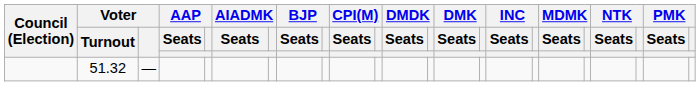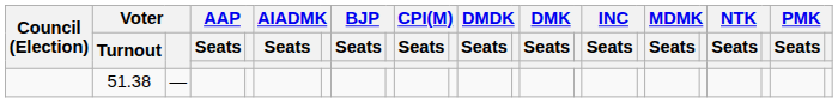 <table class="wikitable sortable" style="text-align:center">
 <tr>
 <th rowspan="3">Council<br>(Election)</th>
 <th colspan="2">Voter</th>
 <th colspan="2"><a href='#'>AAP</a></th>
 <th colspan="2"><a href='#'>AIADMK</a></th>
 <th colspan="2"><a href='#'>BJP</a></th>
 <th colspan="2"><a href='#'>CPI(M)</a></th>
 <th colspan="2"><a href='#'>DMDK</a></th>
 <th colspan="2"><a href='#'>DMK</a></th>
 <th colspan="2"><a href='#'>INC</a></th>
 <th colspan="2"><a href='#'>MDMK</a></th>
 <th colspan="2"><a href='#'>NTK</a></th>
 <th colspan="2"><a href='#'>PMK</a></th>
 </tr>
 <tr>
 <th rowspan="2">Turnout</th>
 <th rowspan="2"></th>
 <th>Seats</th>
 <th></th>
 <th>Seats</th>
 <th></th>
 <th>Seats</th>
 <th></th>
 <th>Seats</th>
 <th></th>
 <th>Seats</th>
 <th></th>
 <th>Seats</th>
 <th></th>
 <th>Seats</th>
 <th></th>
 <th>Seats</th>
 <th></th>
 <th>Seats</th>
 <th></th>
 <th>Seats</th>
 <th></th>
 </tr>
 <tr style="height:6px;">
 <th colspan="2" style="background:"></th>
 <th colspan="2" style="background:"></th>
 <th colspan="2" style="background:"></th>
 <th colspan="2" style="background:"></th>
 <th colspan="2" style="background:"></th>
 <th colspan="2" style="background:"></th>
 <th colspan="2" style="background:"></th>
 <th colspan="2" style="background:"></th>
 <th colspan="2" style="background:"></th>
 <th colspan="2" style="background:"></th>
 </tr>
 <tr>
 <td></td>
-<td>51.32</td>
+<td>51.38</td>
 <td>—</td>
 <td></td>
 <td></td>
 <td></td>
 <td></td>
 <td></td>
 <td></td>
 <td></td>
 <td></td>
 <td></td>
 <td></td>
 <td></td>
 <td></td>
 <td></td>
 <td></td>
 <td></td>
 <td></td>
 <td></td>
 <td></td>
 <td></td>
 <td></td>
 </tr>
 </table>
